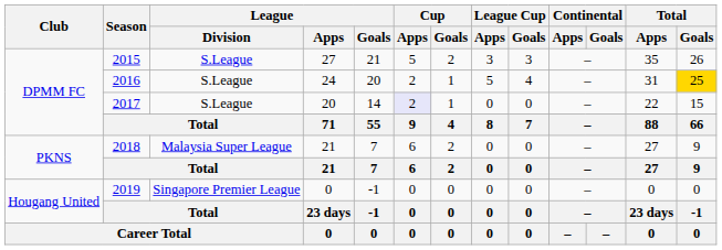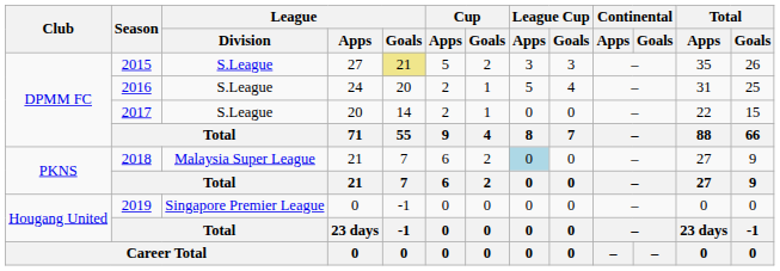 <table class=wikitable style="text-align:center">
 <tr>
 <th rowspan=2>Club</th>
 <th rowspan=2>Season</th>
 <th colspan=3>League</th>
 <th colspan=2>Cup</th>
 <th colspan=2>League Cup</th>
 <th colspan=2>Continental</th>
 <th colspan=2>Total</th>
 </tr>
 <tr>
 <th>Division</th>
 <th>Apps</th>
 <th>Goals</th>
 <th>Apps</th>
 <th>Goals</th>
 <th>Apps</th>
 <th>Goals</th>
 <th>Apps</th>
 <th>Goals</th>
 <th>Apps</th>
 <th>Goals</th>
 </tr>
 <tr>
 <td rowspan="4" valign="center"><a href='#'>DPMM FC</a></td>
 <td><a href='#'>2015</a></td>
 <td><a href='#'>S.League</a></td>
 <td>27</td>
-<td>21</td>
+<td style="background: khaki;">21</td>
 <td>5</td>
 <td>2</td>
 <td>3</td>
 <td>3</td>
 <td colspan="2">–</td>
 <td>35</td>
 <td>26</td>
 </tr>
 <tr>
 <td><a href='#'>2016</a></td>
 <td>S.League</td>
 <td>24</td>
 <td>20</td>
 <td>2</td>
 <td>1</td>
 <td>5</td>
 <td>4</td>
 <td colspan="2">–</td>
 <td>31</td>
-<td style="background: gold;">25</td>
+<td>25</td>
 </tr>
 <tr>
 <td><a href='#'>2017</a></td>
 <td>S.League</td>
 <td>20</td>
 <td>14</td>
-<td style="background: lavender;">2</td>
+<td>2</td>
 <td>1</td>
 <td>0</td>
 <td>0</td>
 <td colspan="2">–</td>
 <td>22</td>
 <td>15</td>
 </tr>
 <tr>
 <th colspan="2">Total</th>
 <th>71</th>
 <th>55</th>
 <th>9</th>
 <th>4</th>
 <th>8</th>
 <th>7</th>
 <th colspan="2">–</th>
 <th>88</th>
 <th>66</th>
 </tr>
 <tr>
 <td rowspan="2" valign="center"><a href='#'>PKNS</a></td>
 <td><a href='#'>2018</a></td>
 <td><a href='#'>Malaysia Super League</a></td>
 <td>21</td>
 <td>7</td>
 <td>6</td>
 <td>2</td>
-<td>0</td>
+<td style="background: lightblue;">0</td>
 <td>0</td>
 <td colspan="2">–</td>
 <td>27</td>
 <td>9</td>
 </tr>
 <tr>
 <th colspan="2">Total</th>
 <th>21</th>
 <th>7</th>
 <th>6</th>
 <th>2</th>
 <th>0</th>
 <th>0</th>
 <th colspan="2">–</th>
 <th>27</th>
 <th>9</th>
 </tr>
 <tr>
 <td rowspan="2" valign="center"><a href='#'>Hougang United</a></td>
 <td><a href='#'>2019</a></td>
 <td><a href='#'>Singapore Premier League</a></td>
 <td>0</td>
 <td>-1</td>
 <td>0</td>
 <td>0</td>
 <td>0</td>
 <td>0</td>
 <td colspan="2">–</td>
 <td>0</td>
 <td>0</td>
 </tr>
 <tr>
 <th colspan="2">Total</th>
 <th>23 days</th>
 <th>-1</th>
 <th>0</th>
 <th>0</th>
 <th>0</th>
 <th>0</th>
 <th colspan="2">–</th>
 <th>23 days</th>
 <th>-1</th>
 </tr>
 <tr>
 <th colspan="3">Career Total</th>
 <th>0</th>
 <th>0</th>
 <th>0</th>
 <th>0</th>
 <th>0</th>
 <th>0</th>
 <th>–</th>
 <th>–</th>
 <th>0</th>
 <th>0</th>
 </tr>
 </table>
